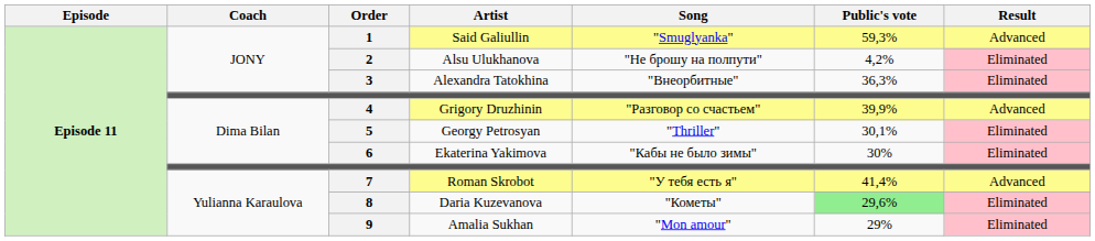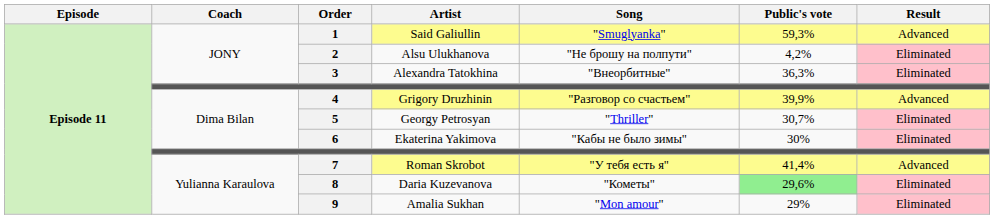 <table class="wikitable" style="text-align:center; width:100%;">
 <tr>
 <th style="width:10%;">Episode</th>
 <th style="width:10%;">Coach</th>
 <th style="width:05%;">Order</th>
 <th style="width:10%;">Artist</th>
 <th style="width:15%;">Song</th>
 <th style="width:08%;">Public's vote</th>
 <th style="width:09%;">Result</th>
 </tr>
 <tr>
 <th rowspan=11 style="background:#d0f0c0;">Episode 11<br><small></small></th>
 <td rowspan=3>JONY</td>
 <th>1</th>
 <td style="background:#fdfc8f;">Said Galiullin</td>
 <td style="background:#fdfc8f;">"<a href='#'>Smuglyanka</a>"</td>
 <td style="background:#fdfc8f;">59,3%</td>
 <td style="background:#fdfc8f;">Advanced</td>
 </tr>
 <tr>
 <th>2</th>
 <td>Alsu Ulukhanova</td>
 <td>"Не брошу на полпути"</td>
 <td>4,2%</td>
 <td style="background:pink;">Eliminated</td>
 </tr>
 <tr>
 <th>3</th>
 <td>Alexandra Tatokhina</td>
 <td>"Внеорбитные"</td>
 <td>36,3%</td>
 <td style="background:pink;">Eliminated</td>
 </tr>
 <tr>
 <td colspan=6 style="background:#555555;"></td>
 </tr>
 <tr>
 <td rowspan=3>Dima Bilan</td>
 <th>4</th>
 <td style="background:#fdfc8f;">Grigory Druzhinin</td>
 <td style="background:#fdfc8f;">"Разговор со счастьем"</td>
 <td style="background:#fdfc8f;">39,9%</td>
 <td style="background:#fdfc8f;">Advanced</td>
 </tr>
 <tr>
 <th>5</th>
 <td>Georgy Petrosyan</td>
 <td>"<a href='#'>Thriller</a>"</td>
-<td>30,1%</td>
+<td>30,7%</td>
 <td style="background:pink;">Eliminated</td>
 </tr>
 <tr>
 <th>6</th>
 <td>Ekaterina Yakimova</td>
 <td>"Кабы не было зимы"</td>
 <td>30%</td>
 <td style="background:pink;">Eliminated</td>
 </tr>
 <tr>
 <td colspan=6 style="background:#555555;"></td>
 </tr>
 <tr>
 <td rowspan=3>Yulianna Karaulova</td>
 <th>7</th>
 <td style="background:#fdfc8f;">Roman Skrobot</td>
 <td style="background:#fdfc8f;">"У тебя есть я"</td>
 <td style="background:#fdfc8f;">41,4%</td>
 <td style="background:#fdfc8f;">Advanced</td>
 </tr>
 <tr>
 <th>8</th>
 <td>Daria Kuzevanova</td>
 <td>"Кометы"</td>
 <td style="background: lightgreen;">29,6%</td>
 <td style="background:pink;">Eliminated</td>
 </tr>
 <tr>
 <th>9</th>
 <td>Amalia Sukhan</td>
 <td>"<a href='#'>Mon amour</a>"</td>
 <td>29%</td>
 <td style="background:pink;">Eliminated</td>
 </tr>
 </table>
